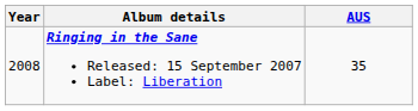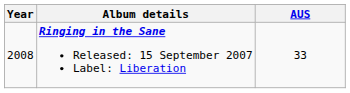 <table class="wikitable">
 <tr>
 <th>Year</th>
 <th>Album details</th>
 <th style="width:100px;"><a href='#'>AUS</a><br></th>
 </tr>
 <tr>
 <td>2008</td>
 <td><strong><em><a href='#'>Ringing in the Sane</a></em></strong><br><ul><li>Released: 15 September 2007</li><li>Label: <a href='#'>Liberation</a></li></ul></td>
-<td style="text-align:center;">35</td>
+<td style="text-align:center;">33</td>
 </tr>
 </table>
